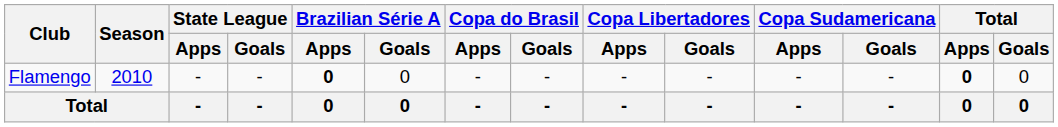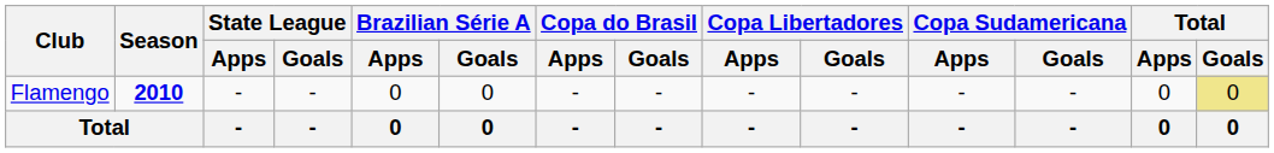 <table class="wikitable" style="text-align: center;">
 <tr>
 <th rowspan="2">Club</th>
 <th rowspan="2">Season</th>
 <th colspan="2">State League</th>
 <th colspan="2"><a href='#'>Brazilian Série A</a></th>
 <th colspan="2"><a href='#'>Copa do Brasil</a></th>
 <th colspan="2"><a href='#'>Copa Libertadores</a></th>
 <th colspan="2"><a href='#'>Copa Sudamericana</a></th>
 <th colspan="2">Total</th>
 </tr>
 <tr>
 <th>Apps</th>
 <th>Goals</th>
 <th>Apps</th>
 <th>Goals</th>
 <th>Apps</th>
 <th>Goals</th>
 <th>Apps</th>
 <th>Goals</th>
 <th>Apps</th>
 <th>Goals</th>
 <th>Apps</th>
 <th>Goals</th>
 </tr>
 <tr>
 <td rowspan="1" valign="center"><a href='#'>Flamengo</a></td>
-<td><a href='#'>2010</a></td>
+<td><strong><a href='#'>2010</a></strong></td>
 <td>-</td>
 <td>-</td>
-<td><strong>0</strong></td>
+<td>0</td>
 <td>0</td>
 <td>-</td>
 <td>-</td>
 <td>-</td>
 <td>-</td>
 <td>-</td>
 <td>-</td>
-<td><strong>0</strong></td>
 <td>0</td>
+<td style="background: khaki;">0</td>
 </tr>
 <tr>
 <th colspan="2"><strong>Total</strong></th>
 <th>-</th>
 <th>-</th>
 <th>0</th>
 <th>0</th>
 <th>-</th>
 <th>-</th>
 <th>-</th>
 <th>-</th>
 <th>-</th>
 <th>-</th>
 <th>0</th>
 <th>0</th>
 </tr>
 </table>
